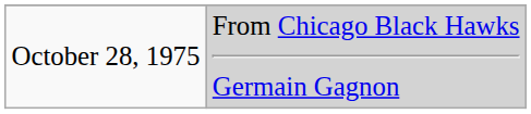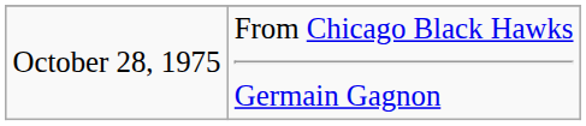 <table class="wikitable">
 <tr>
 </tr>
 <tr>
 <td>October 28, 1975</td>
-<td valign="top" style="background: lightgrey;">From <a href='#'>Chicago Black Hawks</a><hr><a href='#'>Germain Gagnon</a></td>
+<td valign="top">From <a href='#'>Chicago Black Hawks</a><hr><a href='#'>Germain Gagnon</a></td>
 </tr>
 </table>
